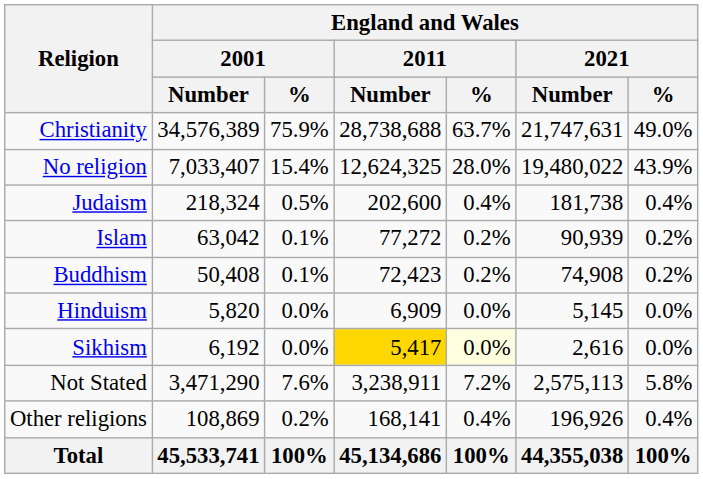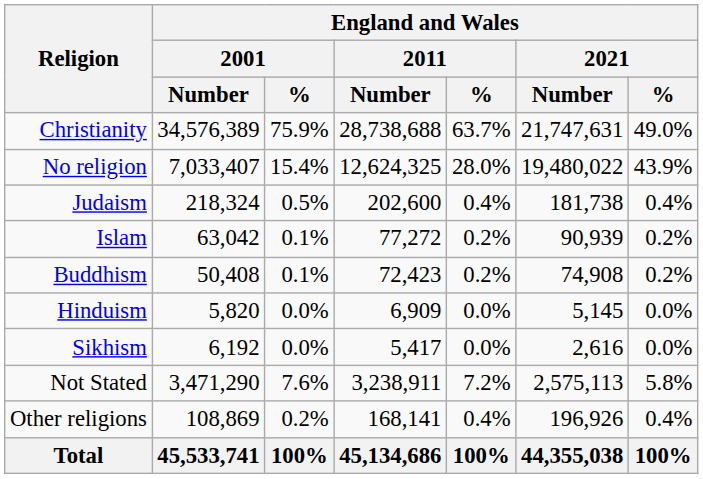 <table class="wikitable" style="text-align:right;">
 <tr>
 <th rowspan="3">Religion</th>
 <th colspan="6">England and Wales</th>
 </tr>
 <tr>
 <th colspan="2">2001</th>
 <th colspan="2">2011</th>
 <th colspan="2">2021</th>
 </tr>
 <tr>
 <th>Number</th>
 <th>%</th>
 <th>Number</th>
 <th>%</th>
 <th>Number</th>
 <th>%</th>
 </tr>
 <tr>
 <td> <a href='#'>Christianity</a></td>
 <td>34,576,389</td>
 <td>75.9%</td>
 <td>28,738,688</td>
 <td>63.7%</td>
 <td>21,747,631</td>
 <td>49.0%</td>
 </tr>
 <tr>
 <td><a href='#'>No religion</a></td>
 <td>7,033,407</td>
 <td>15.4%</td>
 <td>12,624,325</td>
 <td>28.0%</td>
 <td>19,480,022</td>
 <td>43.9%</td>
 </tr>
 <tr>
 <td> <a href='#'>Judaism</a></td>
 <td>218,324</td>
 <td>0.5%</td>
 <td>202,600</td>
 <td>0.4%</td>
 <td>181,738</td>
 <td>0.4%</td>
 </tr>
 <tr>
 <td> <a href='#'>Islam</a></td>
 <td>63,042</td>
 <td>0.1%</td>
 <td>77,272</td>
 <td>0.2%</td>
 <td>90,939</td>
 <td>0.2%</td>
 </tr>
 <tr>
 <td> <a href='#'>Buddhism</a></td>
 <td>50,408</td>
 <td>0.1%</td>
 <td>72,423</td>
 <td>0.2%</td>
 <td>74,908</td>
 <td>0.2%</td>
 </tr>
 <tr>
 <td> <a href='#'>Hinduism</a></td>
 <td>5,820</td>
 <td>0.0%</td>
 <td>6,909</td>
 <td>0.0%</td>
 <td>5,145</td>
 <td>0.0%</td>
 </tr>
 <tr>
 <td> <a href='#'>Sikhism</a></td>
 <td>6,192</td>
 <td>0.0%</td>
-<td style="background: gold;">5,417</td>
-<td style="background: lightyellow;">0.0%</td>
+<td>5,417</td>
+<td>0.0%</td>
 <td>2,616</td>
 <td>0.0%</td>
 </tr>
 <tr>
 <td>Not Stated</td>
 <td>3,471,290</td>
 <td>7.6%</td>
 <td>3,238,911</td>
 <td>7.2%</td>
 <td>2,575,113</td>
 <td>5.8%</td>
 </tr>
 <tr>
 <td>Other religions</td>
 <td>108,869</td>
 <td>0.2%</td>
 <td>168,141</td>
 <td>0.4%</td>
 <td>196,926</td>
 <td>0.4%</td>
 </tr>
 <tr>
 <th>Total</th>
 <th>45,533,741</th>
 <th>100%</th>
 <th>45,134,686</th>
 <th>100%</th>
 <th>44,355,038</th>
 <th>100%</th>
 </tr>
 </table>
